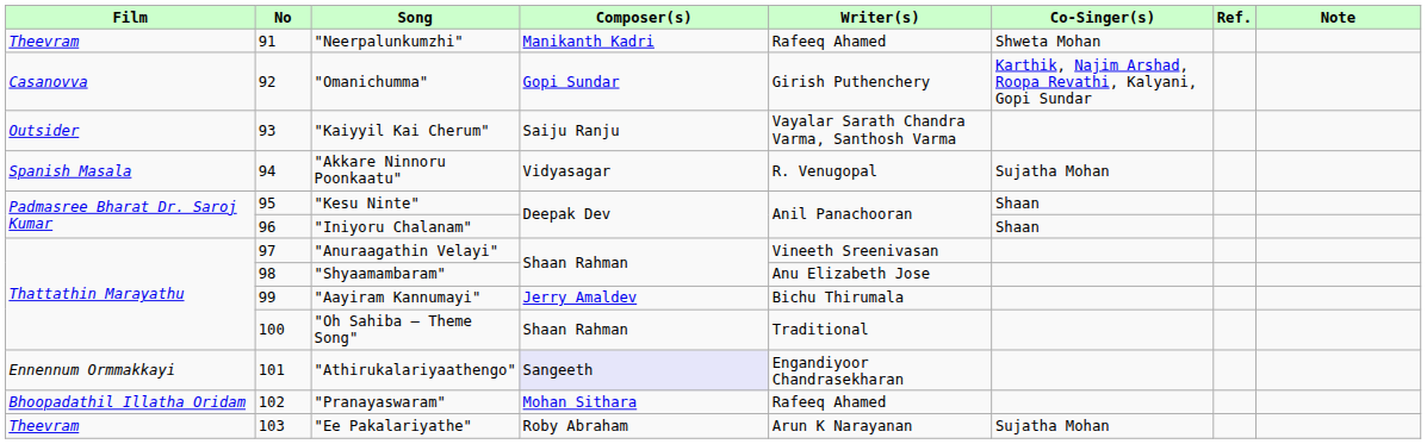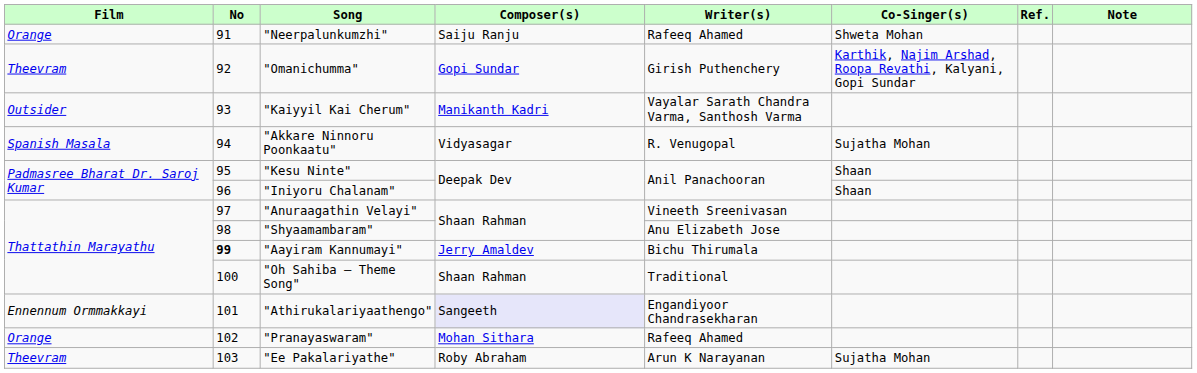 <table class="wikitable plainrowheaders" style="width:100%;" textcolor:#000;" style="align:center;">
 <tr style="background:#cfc; text-align:center;">
 <td scope="col" style="width:18%;"><strong>Film</strong></td>
 <td scope="col" style="width:4%;"><strong>No</strong></td>
 <td scope="col" style="width:14%;"><strong>Song</strong></td>
 <td scope="col" style="width:18%;"><strong>Composer(s)</strong></td>
 <td scope="col" style="width:16%;"><strong>Writer(s)</strong></td>
 <td scope="col" style="width:16%;"><strong>Co-Singer(s)</strong></td>
 <td scope="col" style="width:2%;"><strong>Ref.</strong></td>
 <td scope="col" style="width:12%;"><strong>Note</strong></td>
 </tr>
 <tr>
-<td><em><a href='#'>Theevram</a></em></td>
+<td><a href='#'><em>Orange</em></a></td>
 <td>91</td>
 <td>"Neerpalunkumzhi"</td>
-<td><a href='#'>Manikanth Kadri</a></td>
+<td>Saiju Ranju</td>
 <td>Rafeeq Ahamed</td>
 <td>Shweta Mohan</td>
 <td></td>
 <td></td>
 </tr>
 <tr>
-<td><em><a href='#'>Casanovva</a></em></td>
+<td><em><a href='#'>Theevram</a></em></td>
 <td>92</td>
 <td>"Omanichumma"</td>
 <td><a href='#'>Gopi Sundar</a></td>
 <td>Girish Puthenchery</td>
 <td><a href='#'>Karthik</a>, <a href='#'>Najim Arshad</a>, <a href='#'>Roopa Revathi</a>, Kalyani, Gopi Sundar</td>
 <td></td>
 <td></td>
 </tr>
 <tr>
 <td><em><a href='#'>Outsider</a></em></td>
 <td>93</td>
 <td>"Kaiyyil Kai Cherum"</td>
-<td>Saiju Ranju</td>
+<td><a href='#'>Manikanth Kadri</a></td>
 <td>Vayalar Sarath Chandra Varma, Santhosh Varma</td>
 <td></td>
 <td></td>
 </tr>
 <tr>
 <td><em><a href='#'>Spanish Masala</a></em></td>
 <td>94</td>
 <td>"Akkare Ninnoru Poonkaatu"</td>
 <td>Vidyasagar</td>
 <td>R. Venugopal</td>
 <td>Sujatha Mohan</td>
 <td></td>
 <td></td>
 </tr>
 <tr>
 <td rowspan="2"><em><a href='#'>Padmasree Bharat Dr. Saroj Kumar</a></em></td>
 <td>95</td>
 <td>"Kesu Ninte"</td>
 <td rowspan="2">Deepak Dev</td>
 <td rowspan="2">Anil Panachooran</td>
 <td>Shaan</td>
 <td></td>
 <td></td>
 </tr>
 <tr>
 <td>96</td>
 <td>"Iniyoru Chalanam"</td>
 <td>Shaan</td>
 <td></td>
 <td></td>
 </tr>
 <tr>
 <td rowspan="4"><em><a href='#'>Thattathin Marayathu</a></em></td>
 <td>97</td>
 <td>"Anuraagathin Velayi"</td>
 <td rowspan="2">Shaan Rahman</td>
 <td>Vineeth Sreenivasan</td>
 <td></td>
 <td></td>
 <td></td>
 </tr>
 <tr>
 <td>98</td>
 <td>"Shyaamambaram"</td>
 <td>Anu Elizabeth Jose</td>
 <td></td>
 <td></td>
 <td></td>
 </tr>
 <tr>
-<td>99</td>
+<td><strong>99</strong></td>
 <td>"Aayiram Kannumayi"</td>
 <td><a href='#'>Jerry Amaldev</a></td>
 <td>Bichu Thirumala</td>
 <td></td>
 <td></td>
 <td></td>
 </tr>
 <tr>
 <td>100</td>
 <td>"Oh Sahiba – Theme Song"</td>
 <td>Shaan Rahman</td>
 <td>Traditional</td>
 <td></td>
 <td></td>
 <td></td>
 </tr>
 <tr>
 <td><em>Ennennum Ormmakkayi</em></td>
 <td>101</td>
 <td>"Athirukalariyaathengo"</td>
 <td style="background: lavender;">Sangeeth</td>
 <td>Engandiyoor Chandrasekharan</td>
 <td></td>
 <td></td>
 <td></td>
 </tr>
 <tr>
-<td><em><a href='#'>Bhoopadathil Illatha Oridam</a></em></td>
+<td><a href='#'><em>Orange</em></a></td>
 <td>102</td>
 <td>"Pranayaswaram"</td>
 <td><a href='#'>Mohan Sithara</a></td>
 <td>Rafeeq Ahamed</td>
 <td></td>
 <td></td>
 <td></td>
 </tr>
 <tr>
 <td><em><a href='#'>Theevram</a></em></td>
 <td>103</td>
 <td>"Ee Pakalariyathe"</td>
 <td>Roby Abraham</td>
 <td>Arun K Narayanan</td>
 <td>Sujatha Mohan</td>
 <td></td>
 <td></td>
 </tr>
 </table>
